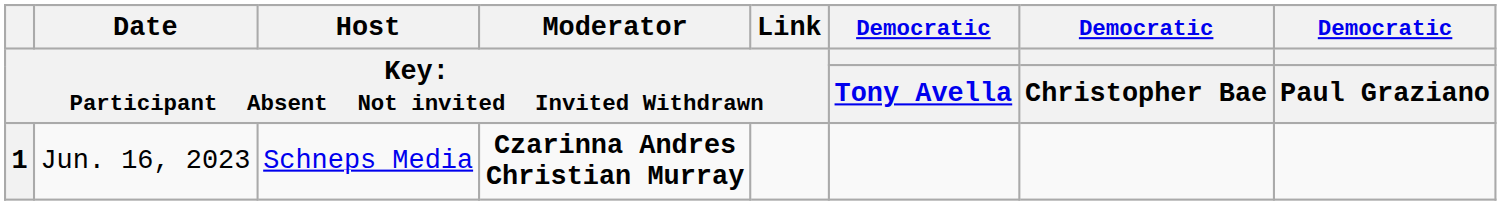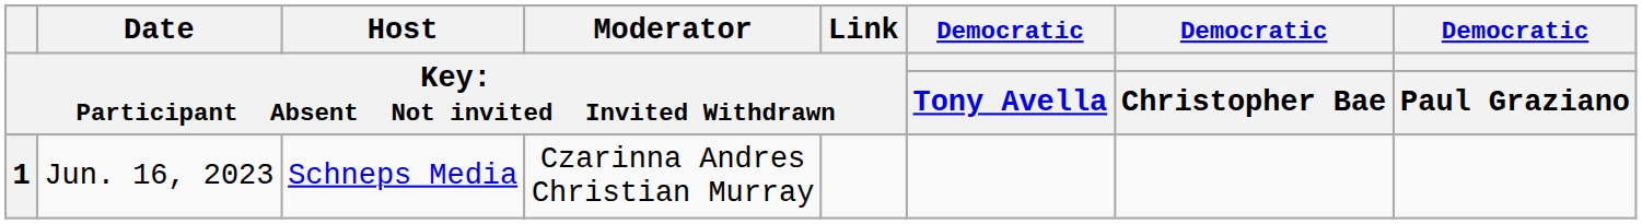 <table class="wikitable" style="text-align:center;">
 <tr>
 <th scope="col"></th>
 <th scope="col">Date</th>
 <th scope="col">Host</th>
 <th scope="col">Moderator</th>
 <th scope="col">Link</th>
 <th scope="col"><small><a href='#'>Democratic</a></small></th>
 <th scope="col"><small><a href='#'>Democratic</a></small></th>
 <th scope="col"><small><a href='#'>Democratic</a></small></th>
 </tr>
 <tr>
 <th colspan="5" rowspan="2">Key:<br> <small>Participant </small>  <small>Absent </small>  <small>Not invited </small>  <small>Invited  Withdrawn</small></th>
 <th scope="col" style="background:"></th>
 <th scope="col" style="background:"></th>
 <th scope="col" style="background:"></th>
 </tr>
 <tr>
 <th scope="col"><a href='#'>Tony Avella</a></th>
 <th scope="col">Christopher Bae</th>
 <th scope="col">Paul Graziano</th>
 </tr>
 <tr>
 <th>1</th>
 <td style="white-space:nowrap;">Jun. 16, 2023</td>
 <td style="white-space:nowrap;"><a href='#'>Schneps Media</a></td>
-<td style="white-space:nowrap;"><strong>Czarinna Andres<br>Christian Murray</strong></td>
+<td style="white-space:nowrap;">Czarinna Andres<br>Christian Murray</td>
 <td style="white-space:nowrap;"></td>
 <td></td>
 <td></td>
 <td></td>
 </tr>
 </table>
